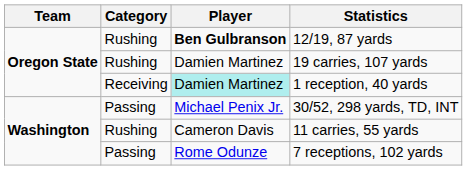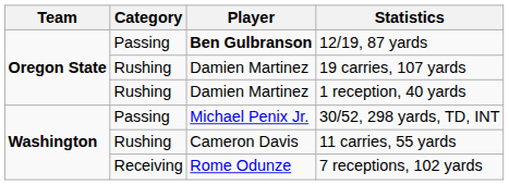 <table class="wikitable" style="float: right;">
 <tr>
 <th>Team</th>
 <th>Category</th>
 <th>Player</th>
 <th>Statistics</th>
 </tr>
 <tr>
 <td rowspan=3><strong>Oregon State</strong></td>
-<td>Rushing</td>
+<td>Passing</td>
 <td><strong>Ben Gulbranson</strong></td>
 <td>12/19, 87 yards</td>
 </tr>
 <tr>
 <td>Rushing</td>
 <td>Damien Martinez</td>
 <td>19 carries, 107 yards</td>
 </tr>
 <tr>
-<td>Receiving</td>
-<td style="background: paleturquoise;">Damien Martinez</td>
+<td>Rushing</td>
+<td>Damien Martinez</td>
 <td>1 reception, 40 yards</td>
 </tr>
 <tr>
 <td rowspan=3><strong>Washington</strong></td>
 <td>Passing</td>
 <td><a href='#'>Michael Penix Jr.</a></td>
 <td>30/52, 298 yards, TD, INT</td>
 </tr>
 <tr>
 <td>Rushing</td>
 <td>Cameron Davis</td>
 <td>11 carries, 55 yards</td>
 </tr>
 <tr>
-<td>Passing</td>
+<td>Receiving</td>
 <td><a href='#'>Rome Odunze</a></td>
 <td>7 receptions, 102 yards</td>
 </tr>
 </table>
